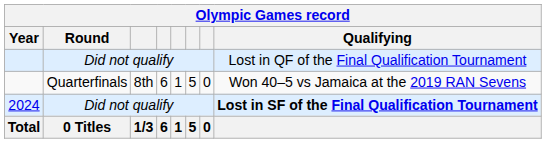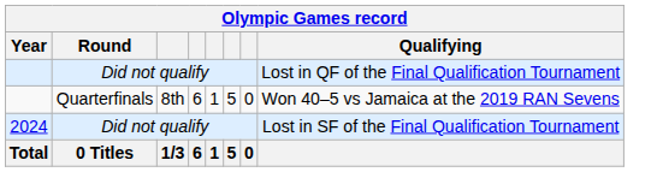 <table class="wikitable" style="text-align: center;">
 <tr>
 <th colspan=11><a href='#'>Olympic Games record</a></th>
 </tr>
 <tr>
 <th>Year</th>
 <th>Round</th>
 <th></th>
 <th></th>
 <th></th>
 <th></th>
 <th></th>
 <th>Qualifying</th>
 </tr>
 <tr bgcolor=#ddeeff>
 <td></td>
 <td colspan="6" rowspan=1><em>Did not qualify</em></td>
 <td>Lost in QF of the <a href='#'>Final Qualification Tournament</a></td>
 </tr>
 <tr>
 <td></td>
 <td>Quarterfinals</td>
 <td>8th</td>
 <td>6</td>
 <td>1</td>
 <td>5</td>
 <td>0</td>
 <td>Won 40–5 vs Jamaica at the <a href='#'>2019 RAN Sevens</a></td>
 </tr>
 <tr bgcolor=#ddeeff>
 <td> <a href='#'>2024</a></td>
 <td colspan=6><em>Did not qualify</em></td>
-<td><strong>Lost in SF of the <a href='#'>Final Qualification Tournament</a></strong></td>
+<td>Lost in SF of the <a href='#'>Final Qualification Tournament</a></td>
 </tr>
 <tr>
 <th>Total</th>
 <th>0 Titles</th>
 <th>1/3</th>
 <th>6</th>
 <th>1</th>
 <th>5</th>
 <th>0</th>
 <th></th>
 </tr>
 </table>
